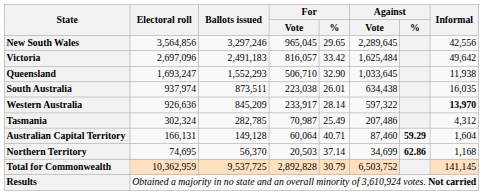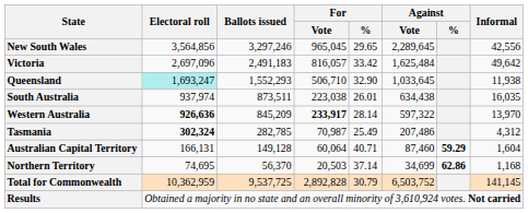 <table class="wikitable">
 <tr align=center>
 <th rowspan="2">State</th>
 <th rowspan="2">Electoral roll</th>
 <th rowspan="2">Ballots issued</th>
 <th align=center colspan="2">For</th>
 <th align=center colspan="2">Against</th>
 <th align=center rowspan="2">Informal</th>
 </tr>
 <tr>
 <th align=center>Vote</th>
 <th align=center>%</th>
 <th align=center>Vote</th>
 <th align=center>%</th>
 </tr>
 <tr align="right">
 <th style="text-align:left;">New South Wales</th>
 <td>3,564,856</td>
 <td>3,297,246</td>
 <td>965,045</td>
 <td align="center">29.65</td>
 <td>2,289,645</td>
 <th></th>
 <td>42,556</td>
 </tr>
 <tr align="right">
 <th style="text-align:left;">Victoria</th>
 <td>2,697,096</td>
 <td>2,491,183</td>
 <td>816,057</td>
 <td align="center">33.42</td>
 <td>1,625,484</td>
 <th></th>
 <td>49,642</td>
 </tr>
 <tr align="right">
 <th style="text-align:left;">Queensland</th>
-<td>1,693,247</td>
+<td style="background: paleturquoise;">1,693,247</td>
 <td>1,552,293</td>
 <td>506,710</td>
 <td align="center">32.90</td>
 <td>1,033,645</td>
 <th></th>
 <td>11,938</td>
 </tr>
 <tr align="right">
 <th style="text-align:left;">South Australia</th>
 <td>937,974</td>
 <td>873,511</td>
 <td>223,038</td>
 <td align="center">26.01</td>
 <td>634,438</td>
 <th></th>
 <td>16,035</td>
 </tr>
 <tr align="right">
 <th style="text-align:left;">Western Australia</th>
-<td>926,636</td>
+<td><strong>926,636</strong></td>
 <td>845,209</td>
-<td>233,917</td>
+<td><strong>233,917</strong></td>
 <td align="center">28.14</td>
 <td>597,322</td>
 <th></th>
-<td><strong>13,970</strong></td>
+<td>13,970</td>
 </tr>
 <tr align="right">
 <th style="text-align:left;">Tasmania</th>
-<td>302,324</td>
+<td><strong>302,324</strong></td>
 <td>282,785</td>
 <td>70,987</td>
 <td align="center">25.49</td>
 <td>207,486</td>
 <th></th>
 <td>4,312</td>
 </tr>
 <tr align="right">
 <th style="text-align:left;">Australian Capital Territory </th>
 <td>166,131</td>
 <td>149,128</td>
 <td>60,064</td>
 <td align="center">40.71</td>
 <td>87,460</td>
 <td align="center"><strong>59.29</strong></td>
 <td>1,604</td>
 </tr>
 <tr align="right">
 <th style="text-align:left;">Northern Territory </th>
 <td>74,695</td>
 <td>56,370</td>
 <td>20,503</td>
 <td align="center">37.14</td>
 <td>34,699</td>
 <td align="center"><strong>62.86</strong></td>
 <td>1,168</td>
 </tr>
 <tr bgcolor=#FFE0C0 align="right">
 <th style="text-align:left;">Total for Commonwealth</th>
 <td>10,362,959</td>
 <td>9,537,725</td>
 <td>2,892,828</td>
 <td align="center">30.79</td>
 <td>6,503,752</td>
 <th></th>
 <td>141,145</td>
 </tr>
 <tr>
 <th style="text-align:left;">Results</th>
 <td colSpan="8"><em>Obtained a majority in no state and an overall minority of 3,610,924 votes.</em> <strong>Not carried</strong></td>
 </tr>
 </table>
